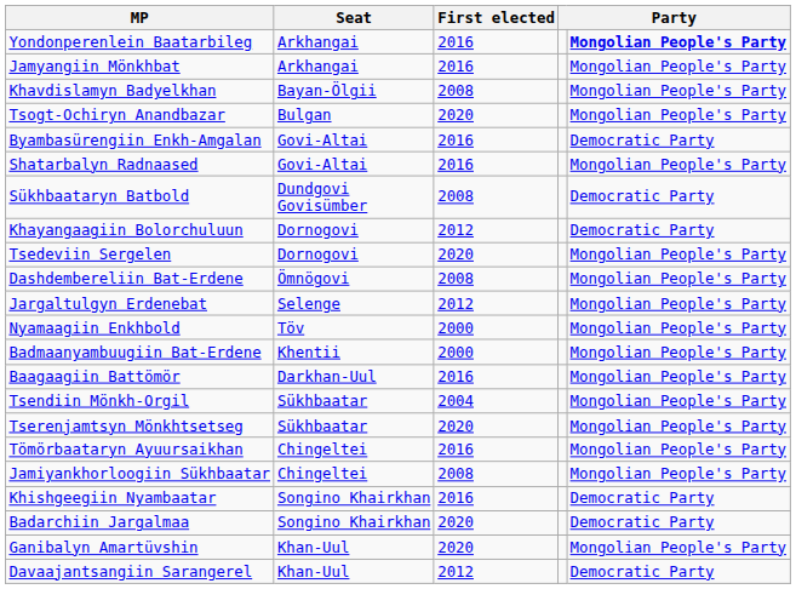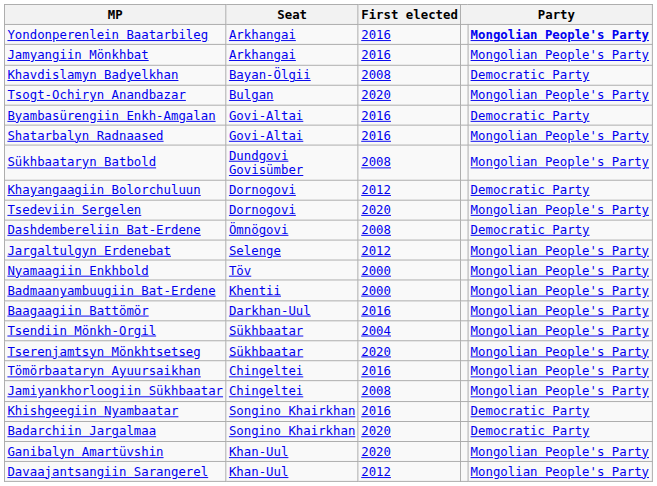 <table class="wikitable sortable">
 <tr>
 <th scope="col">MP</th>
 <th scope="col">Seat</th>
 <th scope="col">First elected</th>
 <th colspan="2">Party</th>
 </tr>
 <tr>
 <td><a href='#'>Yondonperenlein Baatarbileg</a></td>
 <td><a href='#'>Arkhangai</a></td>
 <td><a href='#'>2016</a></td>
 <td width="1"></td>
 <td><strong><a href='#'>Mongolian People's Party</a></strong></td>
 </tr>
 <tr>
 <td><a href='#'>Jamyangiin Mönkhbat</a></td>
 <td><a href='#'>Arkhangai</a></td>
 <td><a href='#'>2016</a></td>
 <td width="1"></td>
 <td><a href='#'>Mongolian People's Party</a></td>
 </tr>
 <tr>
 <td><a href='#'>Khavdislamyn Badyelkhan</a></td>
 <td><a href='#'>Bayan-Ölgii</a></td>
 <td><a href='#'>2008</a></td>
 <td width="1"></td>
-<td><a href='#'>Mongolian People's Party</a></td>
+<td><a href='#'>Democratic Party</a></td>
 </tr>
 <tr>
 <td><a href='#'>Tsogt-Ochiryn Anandbazar</a></td>
 <td><a href='#'>Bulgan</a></td>
 <td><a href='#'>2020</a></td>
 <td width="1"></td>
 <td><a href='#'>Mongolian People's Party</a></td>
 </tr>
 <tr>
 <td><a href='#'>Byambasürengiin Enkh-Amgalan</a></td>
 <td><a href='#'>Govi-Altai</a></td>
 <td><a href='#'>2016</a></td>
 <td width="1"></td>
 <td><a href='#'>Democratic Party</a></td>
 </tr>
 <tr>
 <td><a href='#'>Shatarbalyn Radnaased</a></td>
 <td><a href='#'>Govi-Altai</a></td>
 <td><a href='#'>2016</a></td>
 <td width="1"></td>
 <td><a href='#'>Mongolian People's Party</a></td>
 </tr>
 <tr>
 <td><a href='#'>Sükhbaataryn Batbold</a></td>
 <td><a href='#'>Dundgovi</a><br><a href='#'>Govisümber</a></td>
 <td><a href='#'>2008</a></td>
 <td width="1"></td>
-<td><a href='#'>Democratic Party</a></td>
+<td><a href='#'>Mongolian People's Party</a></td>
 </tr>
 <tr>
 <td><a href='#'>Khayangaagiin Bolorchuluun</a></td>
 <td><a href='#'>Dornogovi</a></td>
 <td><a href='#'>2012</a></td>
 <td width="1"></td>
 <td><a href='#'>Democratic Party</a></td>
 </tr>
 <tr>
 <td><a href='#'>Tsedeviin Sergelen</a></td>
 <td><a href='#'>Dornogovi</a></td>
 <td><a href='#'>2020</a></td>
 <td width="1"></td>
 <td><a href='#'>Mongolian People's Party</a></td>
 </tr>
 <tr>
 <td><a href='#'>Dashdembereliin Bat-Erdene</a></td>
 <td><a href='#'>Ömnögovi</a></td>
 <td><a href='#'>2008</a></td>
 <td width="1"></td>
-<td><a href='#'>Mongolian People's Party</a></td>
+<td><a href='#'>Democratic Party</a></td>
 </tr>
 <tr>
 <td><a href='#'>Jargaltulgyn Erdenebat</a></td>
 <td><a href='#'>Selenge</a></td>
 <td><a href='#'>2012</a></td>
 <td width="1"></td>
 <td><a href='#'>Mongolian People's Party</a></td>
 </tr>
 <tr>
 <td><a href='#'>Nyamaagiin Enkhbold</a></td>
 <td><a href='#'>Töv</a></td>
 <td><a href='#'>2000</a></td>
 <td width="1"></td>
 <td><a href='#'>Mongolian People's Party</a></td>
 </tr>
 <tr>
 <td><a href='#'>Badmaanyambuugiin Bat-Erdene</a></td>
 <td><a href='#'>Khentii</a></td>
 <td><a href='#'>2000</a></td>
 <td width="1"></td>
 <td><a href='#'>Mongolian People's Party</a></td>
 </tr>
 <tr>
 <td><a href='#'>Baagaagiin Battömör</a></td>
 <td><a href='#'>Darkhan-Uul</a></td>
 <td><a href='#'>2016</a></td>
 <td width="1"></td>
 <td><a href='#'>Mongolian People's Party</a></td>
 </tr>
 <tr>
 <td><a href='#'>Tsendiin Mönkh-Orgil</a></td>
 <td><a href='#'>Sükhbaatar</a></td>
 <td><a href='#'>2004</a></td>
 <td width="1"></td>
 <td><a href='#'>Mongolian People's Party</a></td>
 </tr>
 <tr>
 <td><a href='#'>Tserenjamtsyn Mönkhtsetseg</a></td>
 <td><a href='#'>Sükhbaatar</a></td>
 <td><a href='#'>2020</a></td>
 <td width="1"></td>
 <td><a href='#'>Mongolian People's Party</a></td>
 </tr>
 <tr>
 <td><a href='#'>Tömörbaataryn Ayuursaikhan</a></td>
 <td><a href='#'>Chingeltei</a></td>
 <td><a href='#'>2016</a></td>
 <td width="1"></td>
 <td><a href='#'>Mongolian People's Party</a></td>
 </tr>
 <tr>
 <td><a href='#'>Jamiyankhorloogiin Sükhbaatar</a></td>
 <td><a href='#'>Chingeltei</a></td>
 <td><a href='#'>2008</a></td>
 <td width="1"></td>
 <td><a href='#'>Mongolian People's Party</a></td>
 </tr>
 <tr>
 <td><a href='#'>Khishgeegiin Nyambaatar</a></td>
 <td><a href='#'>Songino Khairkhan</a></td>
 <td><a href='#'>2016</a></td>
 <td width="1"></td>
 <td><a href='#'>Democratic Party</a></td>
 </tr>
 <tr>
 <td><a href='#'>Badarchiin Jargalmaa</a></td>
 <td><a href='#'>Songino Khairkhan</a></td>
 <td><a href='#'>2020</a></td>
 <td width="1"></td>
 <td><a href='#'>Democratic Party</a></td>
 </tr>
 <tr>
 <td><a href='#'>Ganibalyn Amartüvshin</a></td>
 <td><a href='#'>Khan-Uul</a></td>
 <td><a href='#'>2020</a></td>
 <td width="1"></td>
 <td><a href='#'>Mongolian People's Party</a></td>
 </tr>
 <tr>
 <td><a href='#'>Davaajantsangiin Sarangerel</a></td>
 <td><a href='#'>Khan-Uul</a></td>
 <td><a href='#'>2012</a></td>
 <td width="1"></td>
-<td><a href='#'>Democratic Party</a></td>
+<td><a href='#'>Mongolian People's Party</a></td>
 </tr>
 </table>
